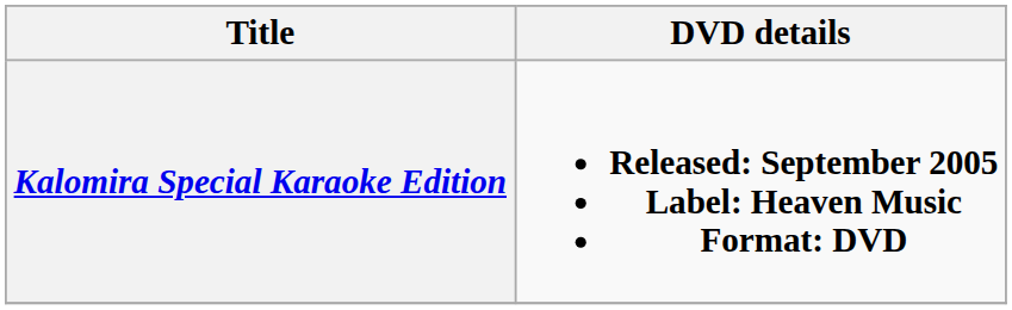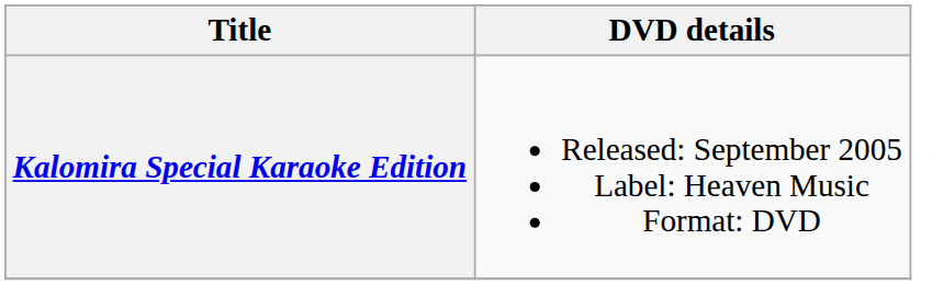 <table class="wikitable plainrowheaders" style="text-align:center;">
 <tr>
 <th scope="col">Title</th>
 <th scope="col">DVD details</th>
 </tr>
 <tr>
 <th scope="row"><em><a href='#'>Kalomira Special Karaoke Edition</a></em></th>
-<td><strong><br><ul><li>Released: September 2005</li><li>Label: Heaven Music</li><li>Format: DVD</li></ul></strong></td>
+<td><br><ul><li>Released: September 2005</li><li>Label: Heaven Music</li><li>Format: DVD</li></ul></td>
 </tr>
 <tr>
 </tr>
 </table>
